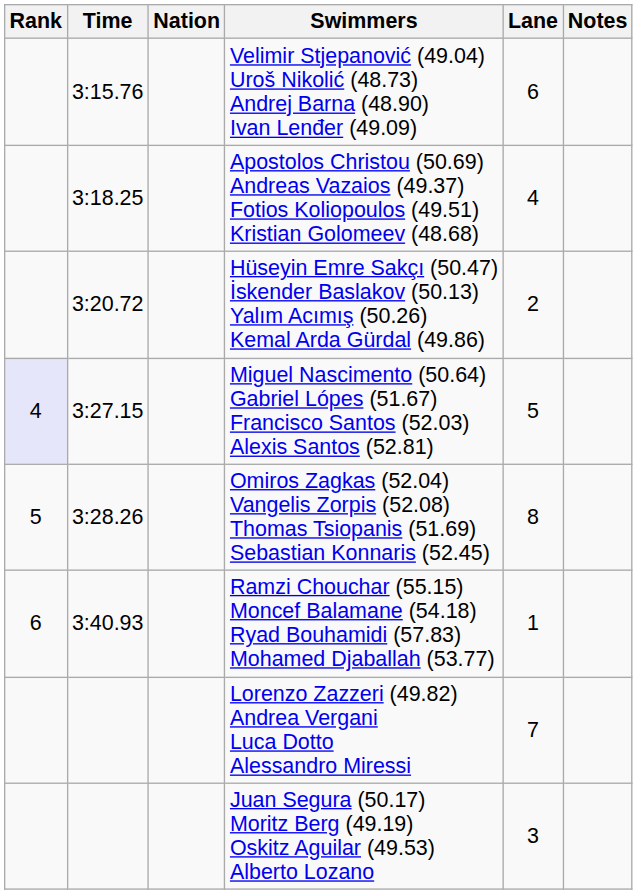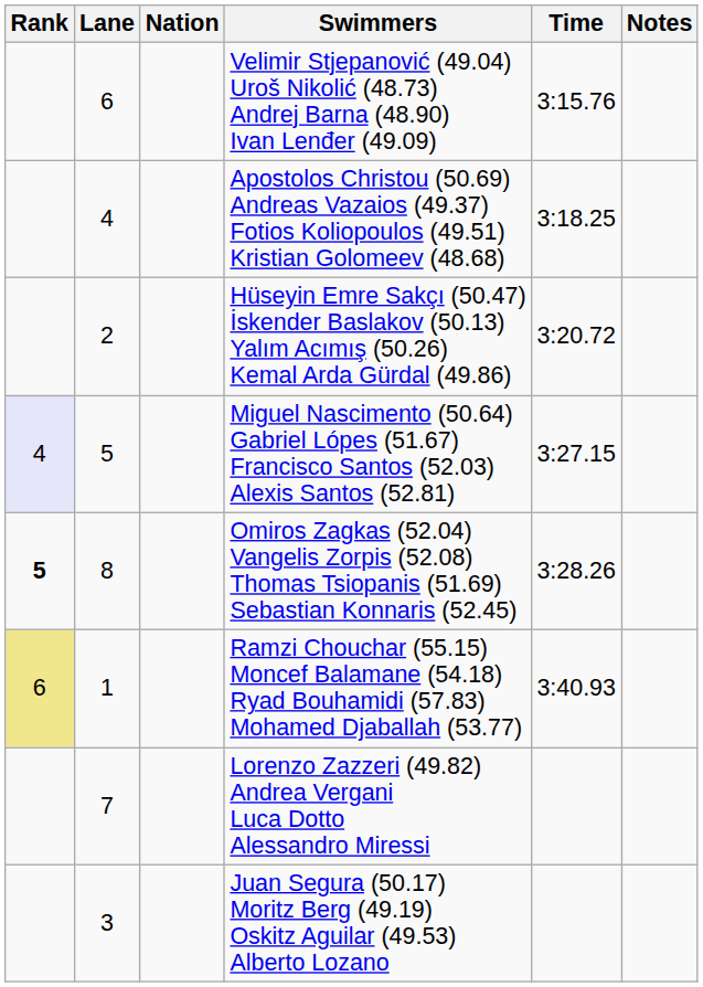 <table class="wikitable sortable" style="text-align:center">
 <tr>
 <th>Rank</th>
-<th>Time</th>
+<th>Lane</th>
 <th>Nation</th>
 <th>Swimmers</th>
-<th>Lane</th>
+<th>Time</th>
 <th>Notes</th>
 </tr>
 <tr>
 <td></td>
-<td>3:15.76</td>
+<td>6</td>
 <td align="left"></td>
 <td align="left"><a href='#'>Velimir Stjepanović</a> (49.04)<br><a href='#'>Uroš Nikolić</a> (48.73)<br><a href='#'>Andrej Barna</a> (48.90)<br><a href='#'>Ivan Lenđer</a> (49.09)</td>
-<td>6</td>
+<td>3:15.76</td>
 <td></td>
 </tr>
 <tr>
 <td></td>
-<td>3:18.25</td>
+<td>4</td>
 <td align="left"></td>
 <td align="left"><a href='#'>Apostolos Christou</a> (50.69)<br><a href='#'>Andreas Vazaios</a> (49.37)<br><a href='#'>Fotios Koliopoulos</a> (49.51)<br><a href='#'>Kristian Golomeev</a> (48.68)</td>
-<td>4</td>
+<td>3:18.25</td>
 <td></td>
 </tr>
 <tr>
 <td></td>
-<td>3:20.72</td>
+<td>2</td>
 <td align="left"></td>
 <td align="left"><a href='#'>Hüseyin Emre Sakçı</a> (50.47)<br><a href='#'>İskender Baslakov</a> (50.13)<br><a href='#'>Yalım Acımış</a> (50.26)<br><a href='#'>Kemal Arda Gürdal</a> (49.86)</td>
-<td>2</td>
+<td>3:20.72</td>
 <td></td>
 </tr>
 <tr>
 <td style="background: lavender;">4</td>
-<td>3:27.15</td>
+<td>5</td>
 <td align="left"></td>
 <td align="left"><a href='#'>Miguel Nascimento</a> (50.64)<br><a href='#'>Gabriel Lópes</a> (51.67)<br><a href='#'>Francisco Santos</a> (52.03)<br><a href='#'>Alexis Santos</a> (52.81)</td>
-<td>5</td>
+<td>3:27.15</td>
 <td></td>
 </tr>
 <tr>
-<td>5</td>
-<td>3:28.26</td>
+<td><strong>5</strong></td>
+<td>8</td>
 <td align="left"></td>
 <td align="left"><a href='#'>Omiros Zagkas</a> (52.04)<br><a href='#'>Vangelis Zorpis</a> (52.08)<br><a href='#'>Thomas Tsiopanis</a> (51.69)<br><a href='#'>Sebastian Konnaris</a> (52.45)</td>
-<td>8</td>
+<td>3:28.26</td>
 <td></td>
 </tr>
 <tr>
-<td>6</td>
-<td>3:40.93</td>
+<td style="background: khaki;">6</td>
+<td>1</td>
 <td align="left"></td>
 <td align="left"><a href='#'>Ramzi Chouchar</a> (55.15)<br><a href='#'>Moncef Balamane</a> (54.18)<br><a href='#'>Ryad Bouhamidi</a> (57.83)<br><a href='#'>Mohamed Djaballah</a> (53.77)</td>
-<td>1</td>
+<td>3:40.93</td>
 <td></td>
 </tr>
 <tr>
 <td></td>
-<td></td>
+<td>7</td>
 <td align="left"></td>
 <td align="left"><a href='#'>Lorenzo Zazzeri</a> (49.82)<br><a href='#'>Andrea Vergani</a><br><a href='#'>Luca Dotto</a><br><a href='#'>Alessandro Miressi</a></td>
-<td>7</td>
+<td></td>
 <td></td>
 </tr>
 <tr>
 <td></td>
-<td></td>
+<td>3</td>
 <td align="left"></td>
 <td align="left"><a href='#'>Juan Segura</a> (50.17)<br><a href='#'>Moritz Berg</a> (49.19)<br><a href='#'>Oskitz Aguilar</a> (49.53)<br><a href='#'>Alberto Lozano</a></td>
-<td>3</td>
+<td></td>
 <td></td>
 </tr>
 </table>
